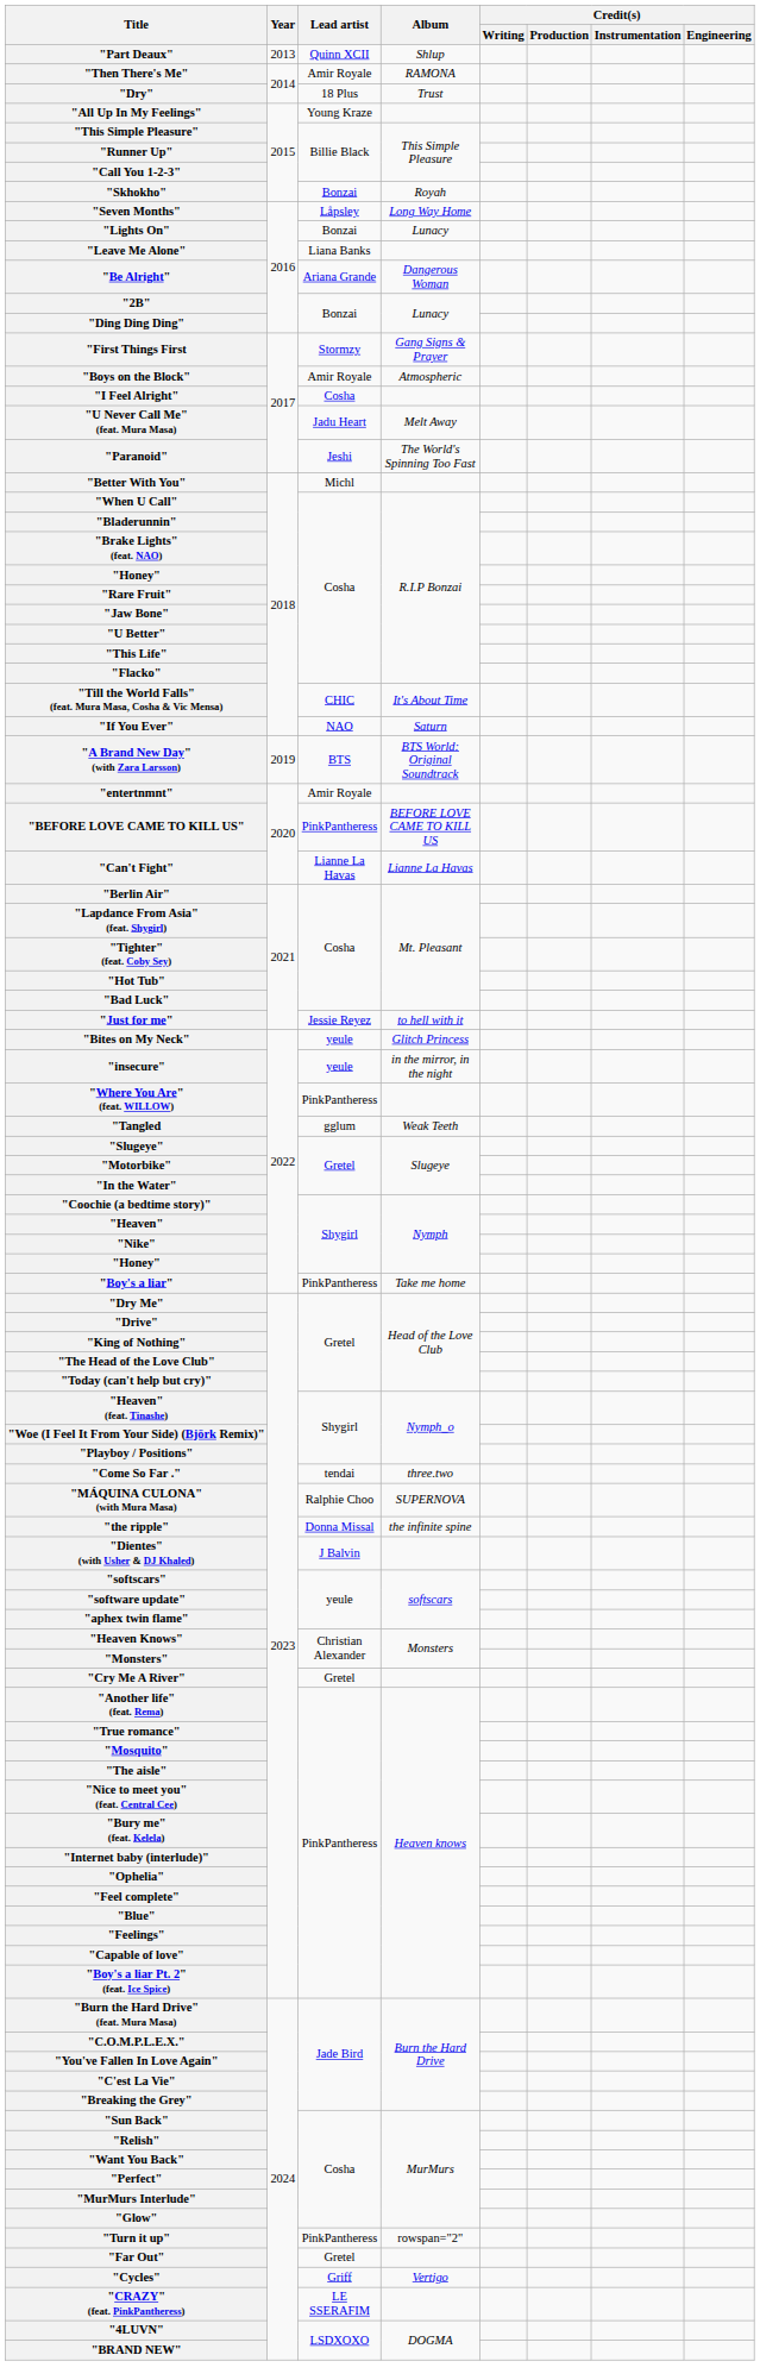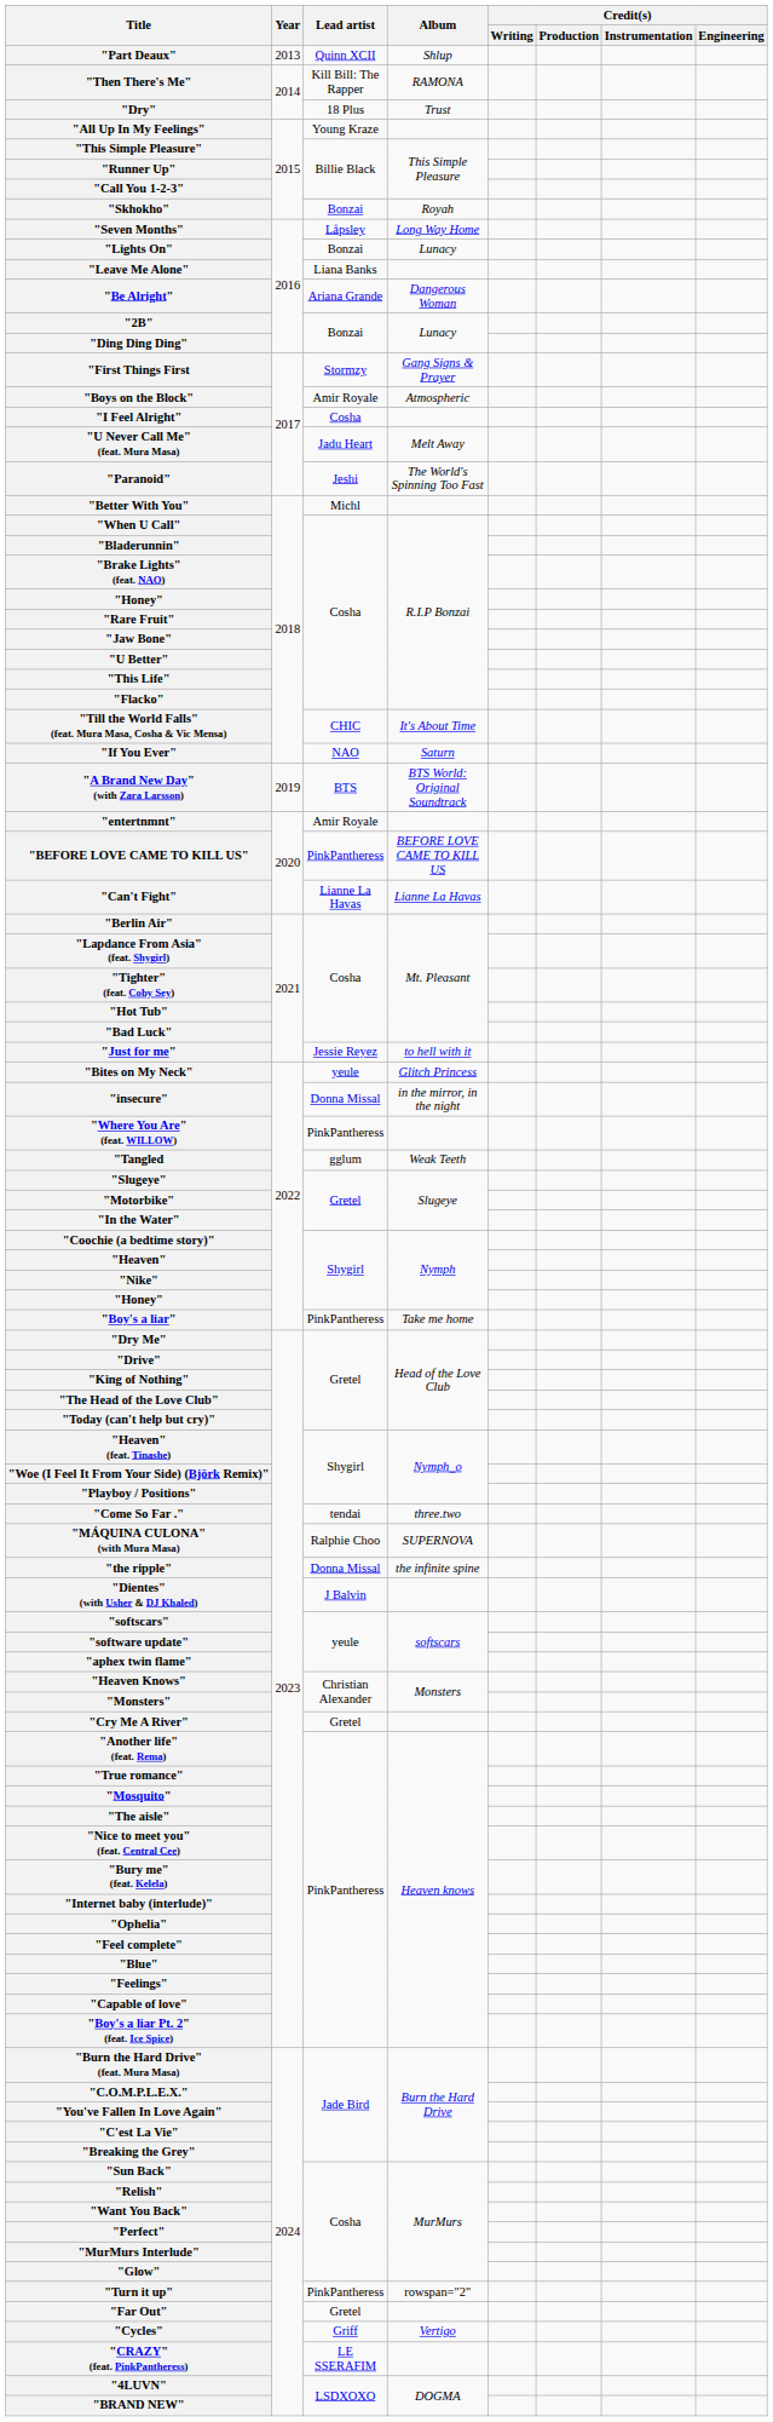 <table class="wikitable plainrowheaders" style="text-align:center;">
 <tr>
 <th rowspan="2" scope="col">Title</th>
 <th rowspan="2" width="30" scope="col">Year</th>
 <th rowspan="2" width="100" scope="col">Lead artist</th>
 <th rowspan="2" width="120" scope="col">Album</th>
 <th colspan="4" width="210" scope="col">Credit(s)</th>
 </tr>
 <tr>
 <th scope="col">Writing</th>
 <th scope="col">Production</th>
 <th scope="col">Instrumentation</th>
 <th scope="col">Engineering</th>
 </tr>
 <tr>
 <th scope="row">"Part Deaux"</th>
 <td>2013</td>
 <td><a href='#'>Quinn XCII</a></td>
 <td><em>Shlup</em></td>
 <td></td>
 <td></td>
 <td></td>
 <td></td>
 </tr>
 <tr>
 <th scope="row">"Then There's Me"</th>
 <td rowspan="2">2014</td>
-<td>Amir Royale</td>
+<td>Kill Bill: The Rapper</td>
 <td><em>RAMONA</em></td>
 <td></td>
 <td></td>
 <td></td>
 <td></td>
 </tr>
 <tr>
 <th scope="row">"Dry"</th>
 <td>18 Plus</td>
 <td><em>Trust</em></td>
 <td></td>
 <td></td>
 <td></td>
 <td></td>
 </tr>
 <tr>
 <th scope="row">"All Up In My Feelings"</th>
 <td rowspan="5">2015</td>
 <td>Young Kraze</td>
 <td></td>
 <td></td>
 <td></td>
 <td></td>
 <td></td>
 </tr>
 <tr>
 <th scope="row">"This Simple Pleasure"</th>
 <td rowspan="3">Billie Black</td>
 <td rowspan="3"><em>This Simple Pleasure</em></td>
 <td></td>
 <td></td>
 <td></td>
 <td></td>
 </tr>
 <tr>
 <th scope="row">"Runner Up"</th>
 <td></td>
 <td></td>
 <td></td>
 <td></td>
 </tr>
 <tr>
 <th scope="row">"Call You 1-2-3"</th>
 <td></td>
 <td></td>
 <td></td>
 <td></td>
 </tr>
 <tr>
 <th scope="row">"Skhokho"</th>
 <td><a href='#'>Bonzai</a></td>
 <td><em>Royah</em></td>
 <td></td>
 <td></td>
 <td></td>
 <td></td>
 </tr>
 <tr>
 <th scope="row">"Seven Months"</th>
 <td rowspan="6">2016</td>
 <td><a href='#'>Låpsley</a></td>
 <td><em><a href='#'>Long Way Home</a></em></td>
 <td></td>
 <td></td>
 <td></td>
 <td></td>
 </tr>
 <tr>
 <th scope="row">"Lights On"</th>
 <td>Bonzai</td>
 <td><em>Lunacy</em></td>
 <td></td>
 <td></td>
 <td></td>
 <td></td>
 </tr>
 <tr>
 <th scope="row">"Leave Me Alone"</th>
 <td>Liana Banks</td>
 <td></td>
 <td></td>
 <td></td>
 <td></td>
 <td></td>
 </tr>
 <tr>
 <th scope="row">"<a href='#'>Be Alright</a>"</th>
 <td><a href='#'>Ariana Grande</a></td>
 <td><em><a href='#'>Dangerous Woman</a></em></td>
 <td></td>
 <td></td>
 <td></td>
 <td></td>
 </tr>
 <tr>
 <th scope="row">"2B"</th>
 <td rowspan="2">Bonzai</td>
 <td rowspan="2"><em>Lunacy</em></td>
 <td></td>
 <td></td>
 <td></td>
 <td></td>
 </tr>
 <tr>
 <th scope="row">"Ding Ding Ding"</th>
 <td></td>
 <td></td>
 <td></td>
 <td></td>
 </tr>
 <tr>
 <th scope="row">"First Things First</th>
 <td rowspan="5">2017</td>
 <td><a href='#'>Stormzy</a></td>
 <td><em><a href='#'>Gang Signs & Prayer</a></em></td>
 <td></td>
 <td></td>
 <td></td>
 <td></td>
 </tr>
 <tr>
 <th scope="row">"Boys on the Block"</th>
 <td>Amir Royale</td>
 <td><em>Atmospheric</em></td>
 <td></td>
 <td></td>
 <td></td>
 <td></td>
 </tr>
 <tr>
 <th scope="row">"I Feel Alright"</th>
 <td><a href='#'>Cosha</a></td>
 <td></td>
 <td></td>
 <td></td>
 <td></td>
 <td></td>
 </tr>
 <tr>
 <th scope="row">"U Never Call Me"<br><small>(feat. Mura Masa)</small></th>
 <td><a href='#'>Jadu Heart</a></td>
 <td><em>Melt Away</em></td>
 <td></td>
 <td></td>
 <td></td>
 <td></td>
 </tr>
 <tr>
 <th scope="row">"Paranoid"</th>
 <td><a href='#'>Jeshi</a></td>
 <td><em>The World's Spinning Too Fast</em></td>
 <td></td>
 <td></td>
 <td></td>
 <td></td>
 </tr>
 <tr>
 <th scope="row">"Better With You"</th>
 <td rowspan="12">2018</td>
 <td>Michl</td>
 <td></td>
 <td></td>
 <td></td>
 <td></td>
 <td></td>
 </tr>
 <tr>
 <th scope="row">"When U Call"</th>
 <td rowspan="9">Cosha</td>
 <td rowspan="9"><em>R.I.P Bonzai</em></td>
 <td></td>
 <td></td>
 <td></td>
 <td></td>
 </tr>
 <tr>
 <th scope="row">"Bladerunnin"</th>
 <td></td>
 <td></td>
 <td></td>
 <td></td>
 </tr>
 <tr>
 <th scope="row">"Brake Lights"<br><small>(feat. <a href='#'>NAO</a>)</small></th>
 <td></td>
 <td></td>
 <td></td>
 <td></td>
 </tr>
 <tr>
 <th scope="row">"Honey"</th>
 <td></td>
 <td></td>
 <td></td>
 <td></td>
 </tr>
 <tr>
 <th scope="row">"Rare Fruit"</th>
 <td></td>
 <td></td>
 <td></td>
 <td></td>
 </tr>
 <tr>
 <th scope="row">"Jaw Bone"</th>
 <td></td>
 <td></td>
 <td></td>
 <td></td>
 </tr>
 <tr>
 <th scope="row">"U Better"</th>
 <td></td>
 <td></td>
 <td></td>
 <td></td>
 </tr>
 <tr>
 <th scope="row">"This Life"</th>
 <td></td>
 <td></td>
 <td></td>
 <td></td>
 </tr>
 <tr>
 <th scope="row">"Flacko"</th>
 <td></td>
 <td></td>
 <td></td>
 <td></td>
 </tr>
 <tr>
 <th scope="row">"Till the World Falls"<br><small>(feat. Mura Masa, Cosha & Vic Mensa)</small></th>
 <td><a href='#'>CHIC</a></td>
 <td><em><a href='#'>It's About Time</a></em></td>
 <td></td>
 <td></td>
 <td></td>
 <td></td>
 </tr>
 <tr>
 <th scope="row">"If You Ever"</th>
 <td><a href='#'>NAO</a></td>
 <td><em><a href='#'>Saturn</a></em></td>
 <td></td>
 <td></td>
 <td></td>
 <td></td>
 </tr>
 <tr>
 <th scope="row">"<a href='#'>A Brand New Day</a>"<br><small>(with <a href='#'>Zara Larsson</a>)</small></th>
 <td>2019</td>
 <td><a href='#'>BTS</a></td>
 <td><em><a href='#'>BTS World: Original Soundtrack</a></em></td>
 <td></td>
 <td></td>
 <td></td>
 <td></td>
 </tr>
 <tr>
 <th scope="row">"entertnmnt"</th>
 <td rowspan="3">2020</td>
 <td>Amir Royale</td>
 <td></td>
 <td></td>
 <td></td>
 <td></td>
 <td></td>
 </tr>
 <tr>
 <th scope="row">"BEFORE LOVE CAME TO KILL US"</th>
 <td><a href='#'>PinkPantheress</a></td>
 <td><em><a href='#'>BEFORE LOVE CAME TO KILL US</a></em></td>
 <td></td>
 <td></td>
 <td></td>
 <td></td>
 </tr>
 <tr>
 <th scope="row">"Can't Fight"</th>
 <td><a href='#'>Lianne La Havas</a></td>
 <td><em><a href='#'>Lianne La Havas</a></em></td>
 <td></td>
 <td></td>
 <td></td>
 <td></td>
 </tr>
 <tr>
 <th scope="row">"Berlin Air"</th>
 <td rowspan="6">2021</td>
 <td rowspan="5">Cosha</td>
 <td rowspan="5"><em>Mt. Pleasant</em></td>
 <td></td>
 <td></td>
 <td></td>
 <td></td>
 </tr>
 <tr>
 <th scope="row">"Lapdance From Asia"<br><small>(feat. <a href='#'>Shygirl</a>)</small></th>
 <td></td>
 <td></td>
 <td></td>
 <td></td>
 </tr>
 <tr>
 <th scope="row">"Tighter"<br><small>(feat. <a href='#'>Coby Sey</a>)</small></th>
 <td></td>
 <td></td>
 <td></td>
 <td></td>
 </tr>
 <tr>
 <th scope="row">"Hot Tub"</th>
 <td></td>
 <td></td>
 <td></td>
 <td></td>
 </tr>
 <tr>
 <th scope="row">"Bad Luck"</th>
 <td></td>
 <td></td>
 <td></td>
 <td></td>
 </tr>
 <tr>
 <th scope="row">"<a href='#'>Just for me</a>"</th>
 <td><a href='#'>Jessie Reyez</a></td>
 <td><em><a href='#'>to hell with it</a></em></td>
 <td></td>
 <td></td>
 <td></td>
 <td></td>
 </tr>
 <tr>
 <th scope="row">"Bites on My Neck"</th>
 <td rowspan="12">2022</td>
 <td><a href='#'>yeule</a></td>
 <td><em><a href='#'>Glitch Princess</a></em></td>
 <td></td>
 <td></td>
 <td></td>
 <td></td>
 </tr>
 <tr>
 <th scope="row">"insecure"</th>
-<td><a href='#'>yeule</a></td>
+<td><a href='#'>Donna Missal</a></td>
 <td><em>in the mirror, in the night</em></td>
 <td></td>
 <td></td>
 <td></td>
 <td></td>
 </tr>
 <tr>
 <th scope="row">"<a href='#'>Where You Are</a>"<br><small>(feat. <a href='#'>WILLOW</a>)</small></th>
 <td>PinkPantheress</td>
 <td></td>
 <td></td>
 <td></td>
 <td></td>
 <td></td>
 </tr>
 <tr>
 <th scope="row">"Tangled</th>
 <td>gglum</td>
 <td><em>Weak Teeth</em></td>
 <td></td>
 <td></td>
 <td></td>
 <td></td>
 </tr>
 <tr>
 <th scope="row">"Slugeye"</th>
 <td rowspan="3"><a href='#'>Gretel</a></td>
 <td rowspan="3"><em>Slugeye</em></td>
 <td></td>
 <td></td>
 <td></td>
 <td></td>
 </tr>
 <tr>
 <th scope="row">"Motorbike"</th>
 <td></td>
 <td></td>
 <td></td>
 <td></td>
 </tr>
 <tr>
 <th scope="row">"In the Water"</th>
 <td></td>
 <td></td>
 <td></td>
 <td></td>
 </tr>
 <tr>
 <th scope="row">"Coochie (a bedtime story)"</th>
 <td rowspan="4"><a href='#'>Shygirl</a></td>
 <td rowspan="4"><em><a href='#'>Nymph</a></em></td>
 <td></td>
 <td></td>
 <td></td>
 <td></td>
 </tr>
 <tr>
 <th scope="row">"Heaven"</th>
 <td></td>
 <td></td>
 <td></td>
 <td></td>
 </tr>
 <tr>
 <th scope="row">"Nike"</th>
 <td></td>
 <td></td>
 <td></td>
 <td></td>
 </tr>
 <tr>
 <th scope="row">"Honey"</th>
 <td></td>
 <td></td>
 <td></td>
 <td></td>
 </tr>
 <tr>
 <th scope="row">"<a href='#'>Boy's a liar</a>"</th>
 <td>PinkPantheress</td>
 <td><em>Take me home</em></td>
 <td></td>
 <td></td>
 <td></td>
 <td></td>
 </tr>
 <tr>
 <th scope="row">"Dry Me"</th>
 <td rowspan="31">2023</td>
 <td rowspan="5">Gretel</td>
 <td rowspan="5"><em>Head of the Love Club</em></td>
 <td></td>
 <td></td>
 <td></td>
 <td></td>
 </tr>
 <tr>
 <th scope="row">"Drive"</th>
 <td></td>
 <td></td>
 <td></td>
 <td></td>
 </tr>
 <tr>
 <th scope="row">"King of Nothing"</th>
 <td></td>
 <td></td>
 <td></td>
 <td></td>
 </tr>
 <tr>
 <th scope="row">"The Head of the Love Club"</th>
 <td></td>
 <td></td>
 <td></td>
 <td></td>
 </tr>
 <tr>
 <th scope="row">"Today (can't help but cry)"</th>
 <td></td>
 <td></td>
 <td></td>
 <td></td>
 </tr>
 <tr>
 <th scope="row">"Heaven"<br><small>(feat. <a href='#'>Tinashe</a>)</small></th>
 <td rowspan="3">Shygirl</td>
 <td rowspan="3"><em><a href='#'>Nymph_o</a></em></td>
 <td></td>
 <td></td>
 <td></td>
 <td></td>
 </tr>
 <tr>
 <th scope="row">"Woe (I Feel It From Your Side) (<a href='#'>Björk</a> Remix)"</th>
 <td></td>
 <td></td>
 <td></td>
 <td></td>
 </tr>
 <tr>
 <th scope="row">"Playboy / Positions"</th>
 <td></td>
 <td></td>
 <td></td>
 <td></td>
 </tr>
 <tr>
 <th scope="row">"Come So Far ."</th>
 <td>tendai</td>
 <td><em>three.two</em></td>
 <td></td>
 <td></td>
 <td></td>
 <td></td>
 </tr>
 <tr>
 <th scope="row">"MÁQUINA CULONA"<br><small>(with Mura Masa)</small></th>
 <td>Ralphie Choo</td>
 <td><em>SUPERNOVA</em></td>
 <td></td>
 <td></td>
 <td></td>
 <td></td>
 </tr>
 <tr>
 <th scope="row">"the ripple"</th>
 <td><a href='#'>Donna Missal</a></td>
 <td><em>the infinite spine</em></td>
 <td></td>
 <td></td>
 <td></td>
 <td></td>
 </tr>
 <tr>
 <th scope="row">"Dientes"<br><small>(with <a href='#'>Usher</a> & <a href='#'>DJ Khaled</a>)</small></th>
 <td><a href='#'>J Balvin</a></td>
 <td></td>
 <td></td>
 <td></td>
 <td></td>
 <td></td>
 </tr>
 <tr>
 <th scope="row">"softscars"</th>
 <td rowspan="3">yeule</td>
 <td rowspan="3"><em><a href='#'>softscars</a></em></td>
 <td></td>
 <td></td>
 <td></td>
 <td></td>
 </tr>
 <tr>
 <th scope="row">"software update"</th>
 <td></td>
 <td></td>
 <td></td>
 <td></td>
 </tr>
 <tr>
 <th scope="row">"aphex twin flame"</th>
 <td></td>
 <td></td>
 <td></td>
 <td></td>
 </tr>
 <tr>
 <th scope="row">"Heaven Knows"</th>
 <td rowspan="2">Christian Alexander</td>
 <td rowspan="2"><em>Monsters</em></td>
 <td></td>
 <td></td>
 <td></td>
 <td></td>
 </tr>
 <tr>
 <th scope="row">"Monsters"</th>
 <td></td>
 <td></td>
 <td></td>
 <td></td>
 </tr>
 <tr>
 <th scope="row">"Cry Me A River"</th>
 <td>Gretel</td>
 <td></td>
 <td></td>
 <td></td>
 <td></td>
 <td></td>
 </tr>
 <tr>
 <th scope="row">"Another life"<br><small>(feat. <a href='#'>Rema</a>)</small></th>
 <td rowspan="13">PinkPantheress</td>
 <td rowspan="13"><em><a href='#'>Heaven knows</a></em></td>
 <td></td>
 <td></td>
 <td></td>
 <td></td>
 </tr>
 <tr>
 <th scope="row">"True romance"</th>
 <td></td>
 <td></td>
 <td></td>
 <td></td>
 </tr>
 <tr>
 <th scope="row">"<a href='#'>Mosquito</a>"</th>
 <td></td>
 <td></td>
 <td></td>
 <td></td>
 </tr>
 <tr>
 <th scope="row">"The aisle"</th>
 <td></td>
 <td></td>
 <td></td>
 <td></td>
 </tr>
 <tr>
 <th scope="row">"Nice to meet you"<br><small>(feat. <a href='#'>Central Cee</a>)</small></th>
 <td></td>
 <td></td>
 <td></td>
 <td></td>
 </tr>
 <tr>
 <th scope="row">"Bury me"<br><small>(feat. <a href='#'>Kelela</a>)</small></th>
 <td></td>
 <td></td>
 <td></td>
 <td></td>
 </tr>
 <tr>
 <th scope="row">"Internet baby (interlude)"</th>
 <td></td>
 <td></td>
 <td></td>
 <td></td>
 </tr>
 <tr>
 <th scope="row">"Ophelia"</th>
 <td></td>
 <td></td>
 <td></td>
 <td></td>
 </tr>
 <tr>
 <th scope="row">"Feel complete"</th>
 <td></td>
 <td></td>
 <td></td>
 <td></td>
 </tr>
 <tr>
 <th scope="row">"Blue"</th>
 <td></td>
 <td></td>
 <td></td>
 <td></td>
 </tr>
 <tr>
 <th scope="row">"Feelings"</th>
 <td></td>
 <td></td>
 <td></td>
 <td></td>
 </tr>
 <tr>
 <th scope="row">"Capable of love"</th>
 <td></td>
 <td></td>
 <td></td>
 <td></td>
 </tr>
 <tr>
 <th scope="row">"<a href='#'>Boy's a liar Pt. 2</a>"<br><small>(feat. <a href='#'>Ice Spice</a>)</small></th>
 <td></td>
 <td></td>
 <td></td>
 <td></td>
 </tr>
 <tr>
 <th scope="row">"Burn the Hard Drive"<br><small>(feat. Mura Masa)</small></th>
 <td rowspan="17">2024</td>
 <td rowspan="5"><a href='#'>Jade Bird</a></td>
 <td rowspan="5"><em><a href='#'>Burn the Hard Drive</a></em></td>
 <td></td>
 <td></td>
 <td></td>
 <td></td>
 </tr>
 <tr>
 <th scope="row">"C.O.M.P.L.E.X."</th>
 <td></td>
 <td></td>
 <td></td>
 <td></td>
 </tr>
 <tr>
 <th scope="row">"You've Fallen In Love Again"</th>
 <td></td>
 <td></td>
 <td></td>
 <td></td>
 </tr>
 <tr>
 <th scope="row">"C'est La Vie"</th>
 <td></td>
 <td></td>
 <td></td>
 <td></td>
 </tr>
 <tr>
 <th scope="row">"Breaking the Grey"</th>
 <td></td>
 <td></td>
 <td></td>
 <td></td>
 </tr>
 <tr>
 <th scope="row">"Sun Back"</th>
 <td rowspan="6">Cosha</td>
 <td rowspan="6"><em>MurMurs</em></td>
 <td></td>
 <td></td>
 <td></td>
 <td></td>
 </tr>
 <tr>
 <th scope="row">"Relish"</th>
 <td></td>
 <td></td>
 <td></td>
 <td></td>
 </tr>
 <tr>
 <th scope="row">"Want You Back"</th>
 <td></td>
 <td></td>
 <td></td>
 <td></td>
 </tr>
 <tr>
 <th scope="row">"Perfect"</th>
 <td></td>
 <td></td>
 <td></td>
 <td></td>
 </tr>
 <tr>
 <th scope="row">"MurMurs Interlude"</th>
 <td></td>
 <td></td>
 <td></td>
 <td></td>
 </tr>
 <tr>
 <th scope="row">"Glow"</th>
 <td></td>
 <td></td>
 <td></td>
 <td></td>
 </tr>
 <tr>
 <th scope="row">"Turn it up"</th>
 <td>PinkPantheress</td>
 <td>rowspan="2" </td>
 <td></td>
 <td></td>
 <td></td>
 <td></td>
 </tr>
 <tr>
 <th scope="row">"Far Out"</th>
 <td>Gretel</td>
 <td></td>
 <td></td>
 <td></td>
 <td></td>
 </tr>
 <tr>
 <th scope="row">"Cycles"</th>
 <td><a href='#'>Griff</a></td>
 <td><em><a href='#'>Vertigo</a></em></td>
 <td></td>
 <td></td>
 <td></td>
 <td></td>
 </tr>
 <tr>
 <th scope="row">"<a href='#'>CRAZY</a>"<br><small>(feat. <a href='#'>PinkPantheress</a>)</small></th>
 <td><a href='#'>LE SSERAFIM</a></td>
 <td></td>
 <td></td>
 <td></td>
 <td></td>
 <td></td>
 </tr>
 <tr>
 <th scope="row">"4LUVN"</th>
 <td rowspan="2"><a href='#'>LSDXOXO</a></td>
 <td rowspan="2"><em>DOGMA</em></td>
 <td></td>
 <td></td>
 <td></td>
 <td></td>
 </tr>
 <tr>
 <th scope="row">"BRAND NEW"</th>
 <td></td>
 <td></td>
 <td></td>
 <td></td>
 </tr>
 </table>
